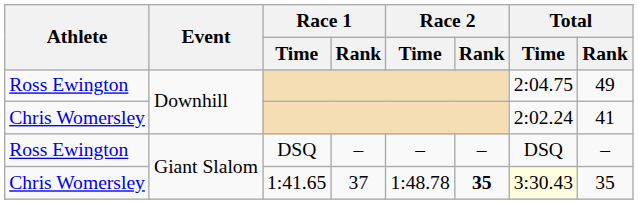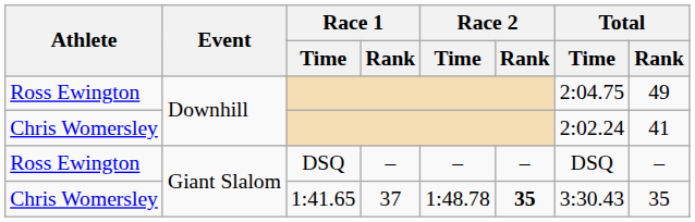 <table class="wikitable" style="font-size:90%">
 <tr>
 <th rowspan="2">Athlete</th>
 <th rowspan="2">Event</th>
 <th colspan="2">Race 1</th>
 <th colspan="2">Race 2</th>
 <th colspan="2">Total</th>
 </tr>
 <tr>
 <th>Time</th>
 <th>Rank</th>
 <th>Time</th>
 <th>Rank</th>
 <th>Time</th>
 <th>Rank</th>
 </tr>
 <tr>
 <td><a href='#'>Ross Ewington</a></td>
 <td rowspan="2">Downhill</td>
 <td colspan="4" bgcolor="wheat"></td>
 <td align="center">2:04.75</td>
 <td align="center">49</td>
 </tr>
 <tr>
 <td><a href='#'>Chris Womersley</a></td>
 <td colspan="4" bgcolor="wheat"></td>
 <td align="center">2:02.24</td>
 <td align="center">41</td>
 </tr>
 <tr>
 <td><a href='#'>Ross Ewington</a></td>
 <td rowspan="2">Giant Slalom</td>
 <td align="center">DSQ</td>
 <td align="center">–</td>
 <td align="center">–</td>
 <td align="center">–</td>
 <td align="center">DSQ</td>
 <td align="center">–</td>
 </tr>
 <tr>
 <td><a href='#'>Chris Womersley</a></td>
 <td align="center">1:41.65</td>
 <td align="center">37</td>
 <td align="center">1:48.78</td>
 <td align="center"><strong>35</strong></td>
-<td align="center" style="background: lightyellow;">3:30.43</td>
+<td align="center">3:30.43</td>
 <td align="center">35</td>
 </tr>
 </table>
